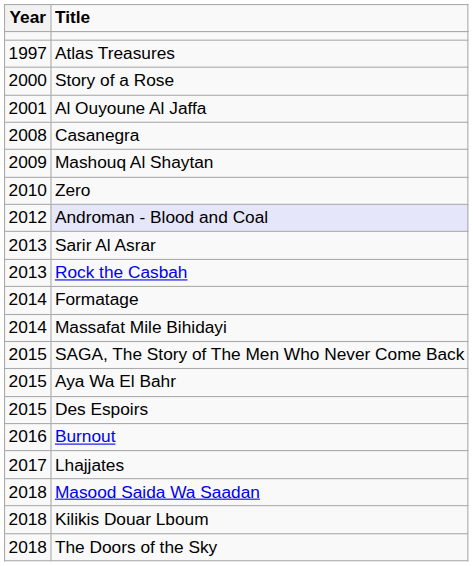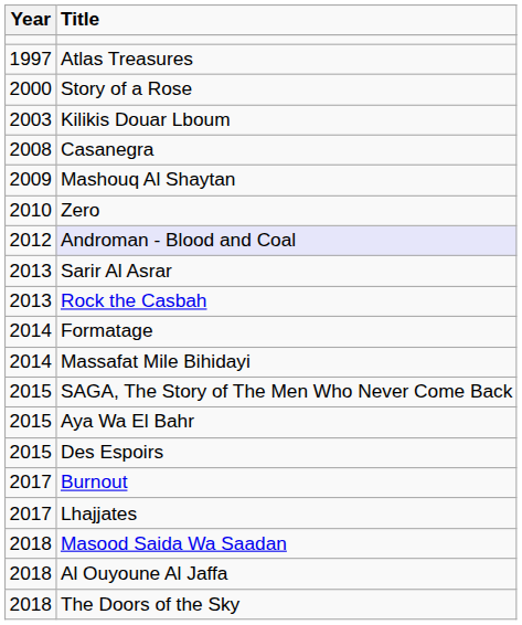 <table class="wikitable">
 <tr>
 <th rowspan="2" style="width:33px;">Year</th>
 <td><strong>Title</strong></td>
 </tr>
 <tr>
 </tr>
 <tr>
 <td></td>
 <td></td>
 </tr>
 <tr>
 <td>1997</td>
 <td>Atlas Treasures</td>
 </tr>
 <tr>
 <td>2000</td>
 <td>Story of a Rose</td>
 </tr>
 <tr>
-<td>2001</td>
-<td>Al Ouyoune Al Jaffa</td>
+<td>2003</td>
+<td>Kilikis Douar Lboum</td>
 </tr>
 <tr>
 <td>2008</td>
 <td>Casanegra</td>
 </tr>
 <tr>
 <td>2009</td>
 <td>Mashouq Al Shaytan</td>
 </tr>
 <tr>
 <td>2010</td>
 <td>Zero</td>
 </tr>
 <tr>
 <td>2012</td>
 <td style="background: lavender;">Androman - Blood and Coal</td>
 </tr>
 <tr>
 <td>2013</td>
 <td>Sarir Al Asrar</td>
 </tr>
 <tr>
 <td>2013</td>
 <td><a href='#'>Rock the Casbah</a></td>
 </tr>
 <tr>
 <td>2014</td>
 <td>Formatage</td>
 </tr>
 <tr>
 <td>2014</td>
 <td>Massafat Mile Bihidayi</td>
 </tr>
 <tr>
 <td>2015</td>
 <td>SAGA, The Story of The Men Who Never Come Back</td>
 </tr>
 <tr>
 <td>2015</td>
 <td>Aya Wa El Bahr</td>
 </tr>
 <tr>
 <td>2015</td>
 <td>Des Espoirs</td>
 </tr>
 <tr>
-<td>2016</td>
+<td>2017</td>
 <td><a href='#'>Burnout</a></td>
 </tr>
 <tr>
 <td>2017</td>
 <td>Lhajjates</td>
 </tr>
 <tr>
 <td>2018</td>
 <td><a href='#'>Masood Saida Wa Saadan</a></td>
 </tr>
 <tr>
 <td>2018</td>
-<td>Kilikis Douar Lboum</td>
+<td>Al Ouyoune Al Jaffa</td>
 </tr>
 <tr>
 <td>2018</td>
 <td>The Doors of the Sky</td>
 </tr>
 </table>
